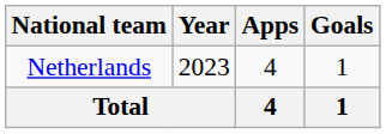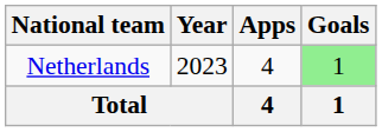 <table class="wikitable" style="text-align:center">
 <tr>
 <th>National team</th>
 <th>Year</th>
 <th>Apps</th>
 <th>Goals</th>
 </tr>
 <tr>
 <td><a href='#'>Netherlands</a></td>
 <td>2023</td>
 <td>4</td>
-<td>1</td>
+<td style="background: lightgreen;">1</td>
 </tr>
 <tr>
 <th colspan="2">Total</th>
 <th>4</th>
 <th>1</th>
 </tr>
 </table>
